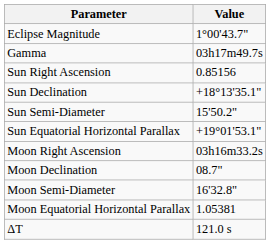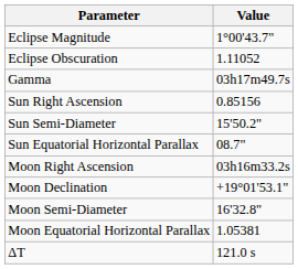 <table class="wikitable">
 <tr>
 <th>Parameter</th>
 <th>Value</th>
 </tr>
 <tr>
 <td>Eclipse Magnitude</td>
 <td>1°00'43.7"</td>
 </tr>
 <tr>
+<td>Eclipse Obscuration</td>
+<td>1.11052</td>
+</tr>
+<tr>
 <td>Gamma</td>
 <td>03h17m49.7s</td>
 </tr>
 <tr>
 <td>Sun Right Ascension</td>
 <td>0.85156</td>
 </tr>
 <tr>
-<td>Sun Declination</td>
-<td>+18°13'35.1"</td>
-</tr>
-<tr>
 <td>Sun Semi-Diameter</td>
 <td>15'50.2"</td>
 </tr>
 <tr>
 <td>Sun Equatorial Horizontal Parallax</td>
-<td>+19°01'53.1"</td>
+<td>08.7"</td>
 </tr>
 <tr>
 <td>Moon Right Ascension</td>
 <td>03h16m33.2s</td>
 </tr>
 <tr>
 <td>Moon Declination</td>
-<td>08.7"</td>
+<td>+19°01'53.1"</td>
 </tr>
 <tr>
 <td>Moon Semi-Diameter</td>
 <td>16'32.8"</td>
 </tr>
 <tr>
 <td>Moon Equatorial Horizontal Parallax</td>
 <td>1.05381</td>
 </tr>
 <tr>
 <td>ΔT</td>
 <td>121.0 s</td>
 </tr>
 </table>
